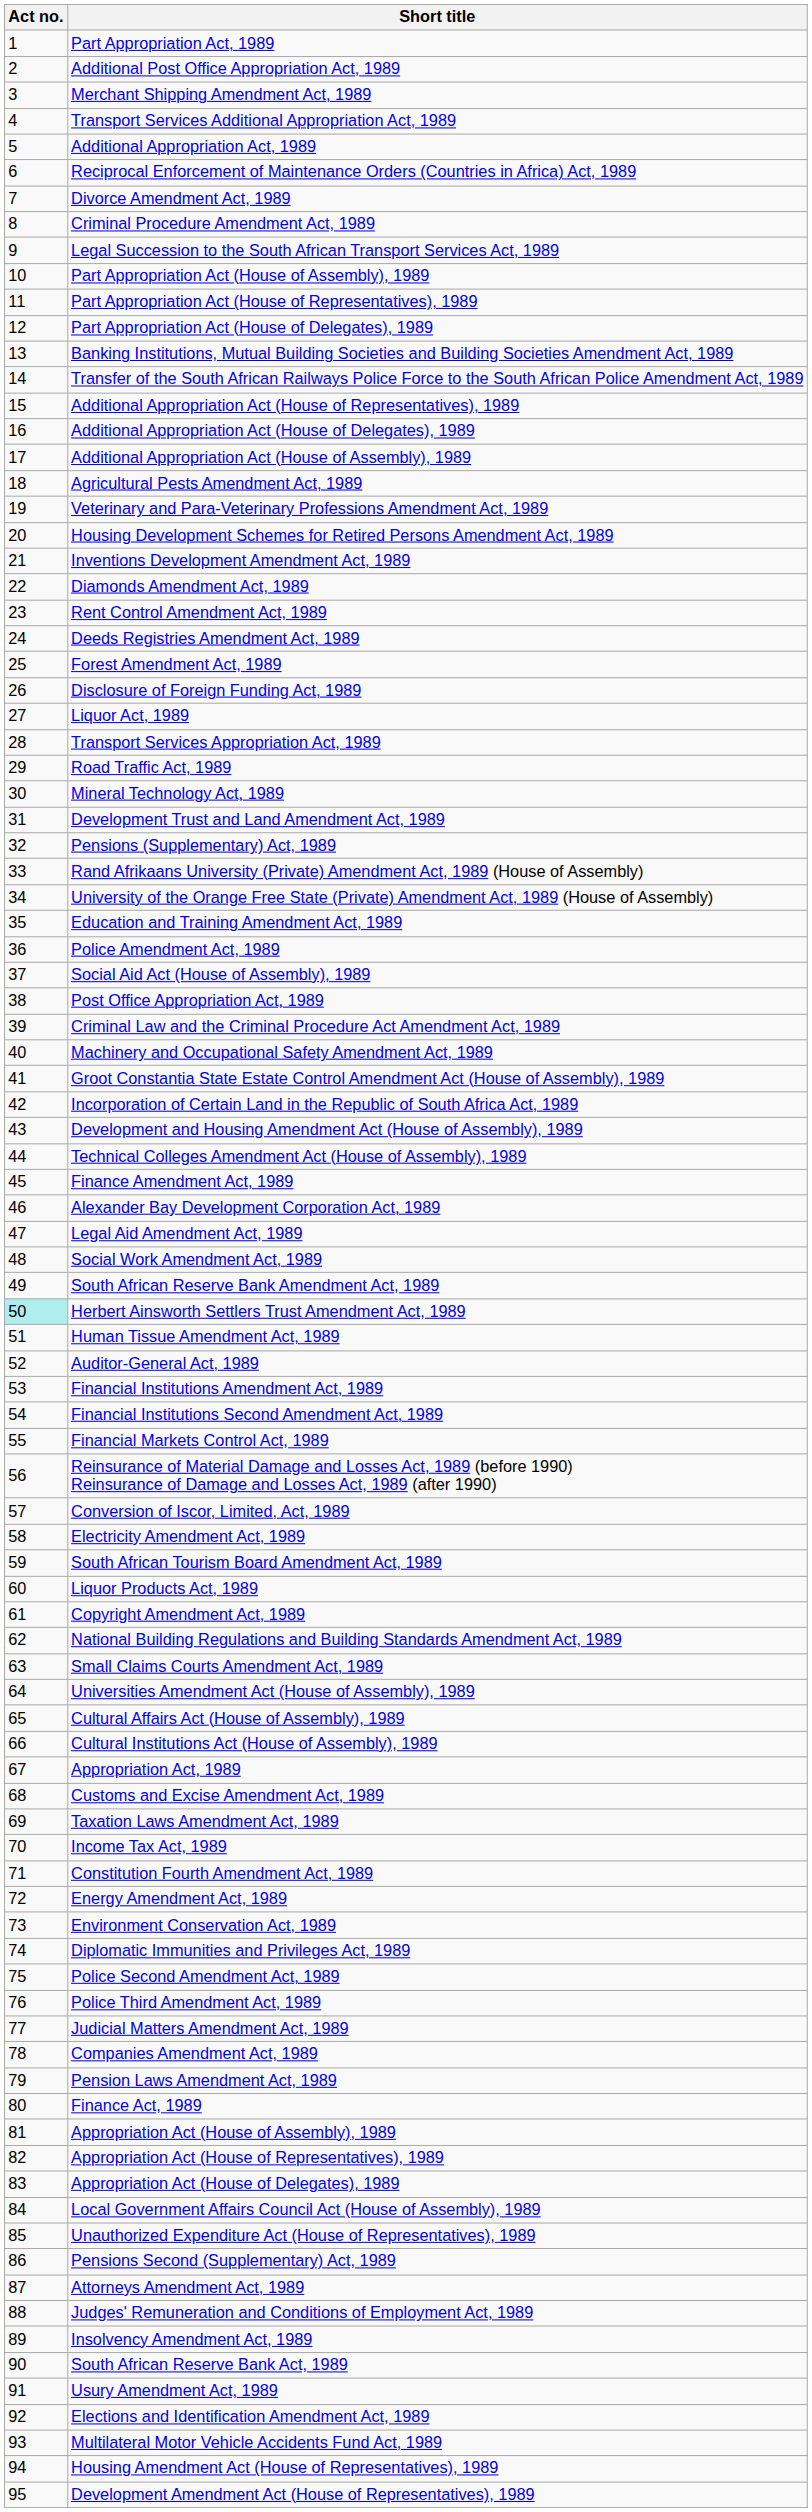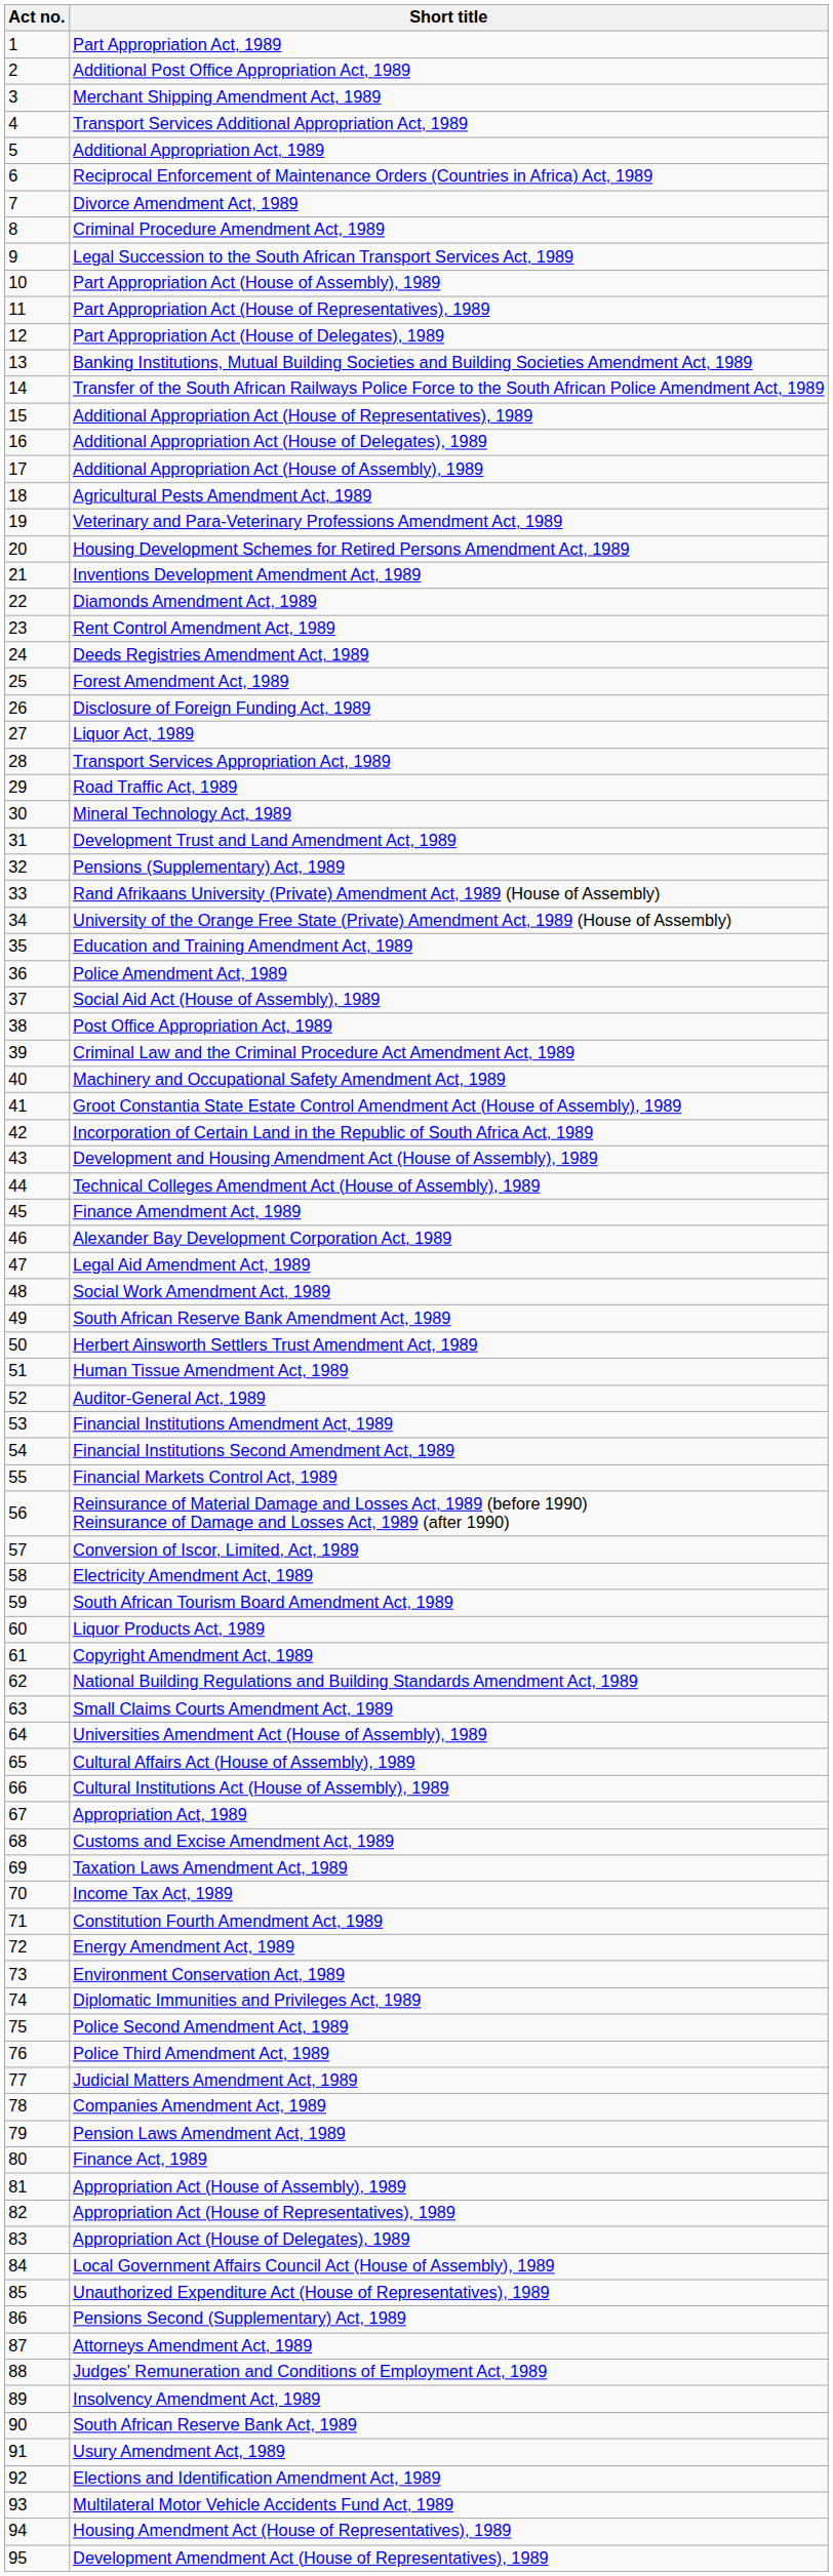 <table class="wikitable sortable">
 <tr>
 <th>Act no.</th>
 <th>Short title</th>
 </tr>
 <tr>
 <td>1</td>
 <td><a href='#'>Part Appropriation Act, 1989</a></td>
 </tr>
 <tr>
 <td>2</td>
 <td><a href='#'>Additional Post Office Appropriation Act, 1989</a></td>
 </tr>
 <tr>
 <td>3</td>
 <td><a href='#'>Merchant Shipping Amendment Act, 1989</a></td>
 </tr>
 <tr>
 <td>4</td>
 <td><a href='#'>Transport Services Additional Appropriation Act, 1989</a></td>
 </tr>
 <tr>
 <td>5</td>
 <td><a href='#'>Additional Appropriation Act, 1989</a></td>
 </tr>
 <tr>
 <td>6</td>
 <td><a href='#'>Reciprocal Enforcement of Maintenance Orders (Countries in Africa) Act, 1989</a></td>
 </tr>
 <tr>
 <td>7</td>
 <td><a href='#'>Divorce Amendment Act, 1989</a></td>
 </tr>
 <tr>
 <td>8</td>
 <td><a href='#'>Criminal Procedure Amendment Act, 1989</a></td>
 </tr>
 <tr>
 <td>9</td>
 <td><a href='#'>Legal Succession to the South African Transport Services Act, 1989</a></td>
 </tr>
 <tr>
 <td>10</td>
 <td><a href='#'>Part Appropriation Act (House of Assembly), 1989</a></td>
 </tr>
 <tr>
 <td>11</td>
 <td><a href='#'>Part Appropriation Act (House of Representatives), 1989</a></td>
 </tr>
 <tr>
 <td>12</td>
 <td><a href='#'>Part Appropriation Act (House of Delegates), 1989</a></td>
 </tr>
 <tr>
 <td>13</td>
 <td><a href='#'>Banking Institutions, Mutual Building Societies and Building Societies Amendment Act, 1989</a></td>
 </tr>
 <tr>
 <td>14</td>
 <td><a href='#'>Transfer of the South African Railways Police Force to the South African Police Amendment Act, 1989</a></td>
 </tr>
 <tr>
 <td>15</td>
 <td><a href='#'>Additional Appropriation Act (House of Representatives), 1989</a></td>
 </tr>
 <tr>
 <td>16</td>
 <td><a href='#'>Additional Appropriation Act (House of Delegates), 1989</a></td>
 </tr>
 <tr>
 <td>17</td>
 <td><a href='#'>Additional Appropriation Act (House of Assembly), 1989</a></td>
 </tr>
 <tr>
 <td>18</td>
 <td><a href='#'>Agricultural Pests Amendment Act, 1989</a></td>
 </tr>
 <tr>
 <td>19</td>
 <td><a href='#'>Veterinary and Para-Veterinary Professions Amendment Act, 1989</a></td>
 </tr>
 <tr>
 <td>20</td>
 <td><a href='#'>Housing Development Schemes for Retired Persons Amendment Act, 1989</a></td>
 </tr>
 <tr>
 <td>21</td>
 <td><a href='#'>Inventions Development Amendment Act, 1989</a></td>
 </tr>
 <tr>
 <td>22</td>
 <td><a href='#'>Diamonds Amendment Act, 1989</a></td>
 </tr>
 <tr>
 <td>23</td>
 <td><a href='#'>Rent Control Amendment Act, 1989</a></td>
 </tr>
 <tr>
 <td>24</td>
 <td><a href='#'>Deeds Registries Amendment Act, 1989</a></td>
 </tr>
 <tr>
 <td>25</td>
 <td><a href='#'>Forest Amendment Act, 1989</a></td>
 </tr>
 <tr>
 <td>26</td>
 <td><a href='#'>Disclosure of Foreign Funding Act, 1989</a></td>
 </tr>
 <tr>
 <td>27</td>
 <td><a href='#'>Liquor Act, 1989</a></td>
 </tr>
 <tr>
 <td>28</td>
 <td><a href='#'>Transport Services Appropriation Act, 1989</a></td>
 </tr>
 <tr>
 <td>29</td>
 <td><a href='#'>Road Traffic Act, 1989</a></td>
 </tr>
 <tr>
 <td>30</td>
 <td><a href='#'>Mineral Technology Act, 1989</a></td>
 </tr>
 <tr>
 <td>31</td>
 <td><a href='#'>Development Trust and Land Amendment Act, 1989</a></td>
 </tr>
 <tr>
 <td>32</td>
 <td><a href='#'>Pensions (Supplementary) Act, 1989</a></td>
 </tr>
 <tr>
 <td>33</td>
 <td><a href='#'>Rand Afrikaans University (Private) Amendment Act, 1989</a> (House of Assembly)</td>
 </tr>
 <tr>
 <td>34</td>
 <td><a href='#'>University of the Orange Free State (Private) Amendment Act, 1989</a> (House of Assembly)</td>
 </tr>
 <tr>
 <td>35</td>
 <td><a href='#'>Education and Training Amendment Act, 1989</a></td>
 </tr>
 <tr>
 <td>36</td>
 <td><a href='#'>Police Amendment Act, 1989</a></td>
 </tr>
 <tr>
 <td>37</td>
 <td><a href='#'>Social Aid Act (House of Assembly), 1989</a></td>
 </tr>
 <tr>
 <td>38</td>
 <td><a href='#'>Post Office Appropriation Act, 1989</a></td>
 </tr>
 <tr>
 <td>39</td>
 <td><a href='#'>Criminal Law and the Criminal Procedure Act Amendment Act, 1989</a></td>
 </tr>
 <tr>
 <td>40</td>
 <td><a href='#'>Machinery and Occupational Safety Amendment Act, 1989</a></td>
 </tr>
 <tr>
 <td>41</td>
 <td><a href='#'>Groot Constantia State Estate Control Amendment Act (House of Assembly), 1989</a></td>
 </tr>
 <tr>
 <td>42</td>
 <td><a href='#'>Incorporation of Certain Land in the Republic of South Africa Act, 1989</a></td>
 </tr>
 <tr>
 <td>43</td>
 <td><a href='#'>Development and Housing Amendment Act (House of Assembly), 1989</a></td>
 </tr>
 <tr>
 <td>44</td>
 <td><a href='#'>Technical Colleges Amendment Act (House of Assembly), 1989</a></td>
 </tr>
 <tr>
 <td>45</td>
 <td><a href='#'>Finance Amendment Act, 1989</a></td>
 </tr>
 <tr>
 <td>46</td>
 <td><a href='#'>Alexander Bay Development Corporation Act, 1989</a></td>
 </tr>
 <tr>
 <td>47</td>
 <td><a href='#'>Legal Aid Amendment Act, 1989</a></td>
 </tr>
 <tr>
 <td>48</td>
 <td><a href='#'>Social Work Amendment Act, 1989</a></td>
 </tr>
 <tr>
 <td>49</td>
 <td><a href='#'>South African Reserve Bank Amendment Act, 1989</a></td>
 </tr>
 <tr>
-<td style="background: paleturquoise;">50</td>
+<td>50</td>
 <td><a href='#'>Herbert Ainsworth Settlers Trust Amendment Act, 1989</a></td>
 </tr>
 <tr>
 <td>51</td>
 <td><a href='#'>Human Tissue Amendment Act, 1989</a></td>
 </tr>
 <tr>
 <td>52</td>
 <td><a href='#'>Auditor-General Act, 1989</a></td>
 </tr>
 <tr>
 <td>53</td>
 <td><a href='#'>Financial Institutions Amendment Act, 1989</a></td>
 </tr>
 <tr>
 <td>54</td>
 <td><a href='#'>Financial Institutions Second Amendment Act, 1989</a></td>
 </tr>
 <tr>
 <td>55</td>
 <td><a href='#'>Financial Markets Control Act, 1989</a></td>
 </tr>
 <tr>
 <td>56</td>
 <td><a href='#'>Reinsurance of Material Damage and Losses Act, 1989</a> (before 1990) <br><a href='#'>Reinsurance of Damage and Losses Act, 1989</a> (after 1990)</td>
 </tr>
 <tr>
 <td>57</td>
 <td><a href='#'>Conversion of Iscor, Limited, Act, 1989</a></td>
 </tr>
 <tr>
 <td>58</td>
 <td><a href='#'>Electricity Amendment Act, 1989</a></td>
 </tr>
 <tr>
 <td>59</td>
 <td><a href='#'>South African Tourism Board Amendment Act, 1989</a></td>
 </tr>
 <tr>
 <td>60</td>
 <td><a href='#'>Liquor Products Act, 1989</a></td>
 </tr>
 <tr>
 <td>61</td>
 <td><a href='#'>Copyright Amendment Act, 1989</a></td>
 </tr>
 <tr>
 <td>62</td>
 <td><a href='#'>National Building Regulations and Building Standards Amendment Act, 1989</a></td>
 </tr>
 <tr>
 <td>63</td>
 <td><a href='#'>Small Claims Courts Amendment Act, 1989</a></td>
 </tr>
 <tr>
 <td>64</td>
 <td><a href='#'>Universities Amendment Act (House of Assembly), 1989</a></td>
 </tr>
 <tr>
 <td>65</td>
 <td><a href='#'>Cultural Affairs Act (House of Assembly), 1989</a></td>
 </tr>
 <tr>
 <td>66</td>
 <td><a href='#'>Cultural Institutions Act (House of Assembly), 1989</a></td>
 </tr>
 <tr>
 <td>67</td>
 <td><a href='#'>Appropriation Act, 1989</a></td>
 </tr>
 <tr>
 <td>68</td>
 <td><a href='#'>Customs and Excise Amendment Act, 1989</a></td>
 </tr>
 <tr>
 <td>69</td>
 <td><a href='#'>Taxation Laws Amendment Act, 1989</a></td>
 </tr>
 <tr>
 <td>70</td>
 <td><a href='#'>Income Tax Act, 1989</a></td>
 </tr>
 <tr>
 <td>71</td>
 <td><a href='#'>Constitution Fourth Amendment Act, 1989</a></td>
 </tr>
 <tr>
 <td>72</td>
 <td><a href='#'>Energy Amendment Act, 1989</a></td>
 </tr>
 <tr>
 <td>73</td>
 <td><a href='#'>Environment Conservation Act, 1989</a></td>
 </tr>
 <tr>
 <td>74</td>
 <td><a href='#'>Diplomatic Immunities and Privileges Act, 1989</a></td>
 </tr>
 <tr>
 <td>75</td>
 <td><a href='#'>Police Second Amendment Act, 1989</a></td>
 </tr>
 <tr>
 <td>76</td>
 <td><a href='#'>Police Third Amendment Act, 1989</a></td>
 </tr>
 <tr>
 <td>77</td>
 <td><a href='#'>Judicial Matters Amendment Act, 1989</a></td>
 </tr>
 <tr>
 <td>78</td>
 <td><a href='#'>Companies Amendment Act, 1989</a></td>
 </tr>
 <tr>
 <td>79</td>
 <td><a href='#'>Pension Laws Amendment Act, 1989</a></td>
 </tr>
 <tr>
 <td>80</td>
 <td><a href='#'>Finance Act, 1989</a></td>
 </tr>
 <tr>
 <td>81</td>
 <td><a href='#'>Appropriation Act (House of Assembly), 1989</a></td>
 </tr>
 <tr>
 <td>82</td>
 <td><a href='#'>Appropriation Act (House of Representatives), 1989</a></td>
 </tr>
 <tr>
 <td>83</td>
 <td><a href='#'>Appropriation Act (House of Delegates), 1989</a></td>
 </tr>
 <tr>
 <td>84</td>
 <td><a href='#'>Local Government Affairs Council Act (House of Assembly), 1989</a></td>
 </tr>
 <tr>
 <td>85</td>
 <td><a href='#'>Unauthorized Expenditure Act (House of Representatives), 1989</a></td>
 </tr>
 <tr>
 <td>86</td>
 <td><a href='#'>Pensions Second (Supplementary) Act, 1989</a></td>
 </tr>
 <tr>
 <td>87</td>
 <td><a href='#'>Attorneys Amendment Act, 1989</a></td>
 </tr>
 <tr>
 <td>88</td>
 <td><a href='#'>Judges' Remuneration and Conditions of Employment Act, 1989</a></td>
 </tr>
 <tr>
 <td>89</td>
 <td><a href='#'>Insolvency Amendment Act, 1989</a></td>
 </tr>
 <tr>
 <td>90</td>
 <td><a href='#'>South African Reserve Bank Act, 1989</a></td>
 </tr>
 <tr>
 <td>91</td>
 <td><a href='#'>Usury Amendment Act, 1989</a></td>
 </tr>
 <tr>
 <td>92</td>
 <td><a href='#'>Elections and Identification Amendment Act, 1989</a></td>
 </tr>
 <tr>
 <td>93</td>
 <td><a href='#'>Multilateral Motor Vehicle Accidents Fund Act, 1989</a></td>
 </tr>
 <tr>
 <td>94</td>
 <td><a href='#'>Housing Amendment Act (House of Representatives), 1989</a></td>
 </tr>
 <tr>
 <td>95</td>
 <td><a href='#'>Development Amendment Act (House of Representatives), 1989</a></td>
 </tr>
 </table>
